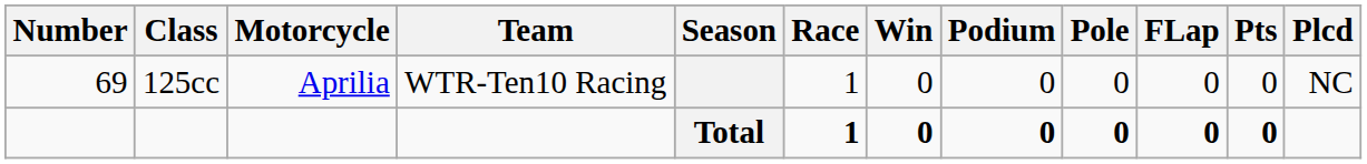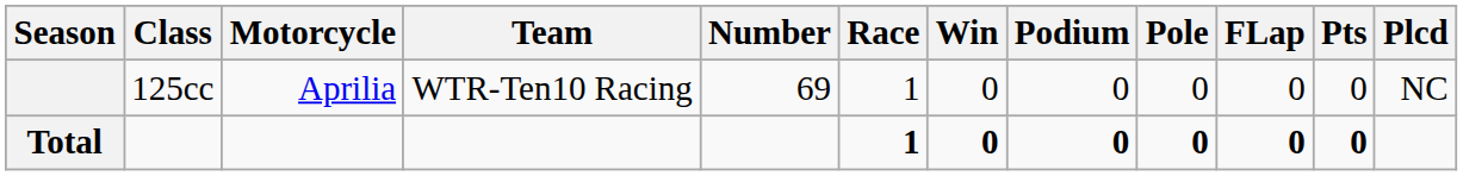 <table class="wikitable">
 <tr>
-<th>Number</th>
+<th>Season</th>
 <th>Class</th>
 <th>Motorcycle</th>
 <th>Team</th>
-<th>Season</th>
+<th>Number</th>
 <th>Race</th>
 <th>Win</th>
 <th>Podium</th>
 <th>Pole</th>
 <th>FLap</th>
 <th>Pts</th>
 <th>Plcd</th>
 </tr>
 <tr align="right">
-<td>69</td>
+<th></th>
 <td>125cc</td>
 <td><a href='#'>Aprilia</a></td>
 <td>WTR-Ten10 Racing</td>
-<th></th>
+<td>69</td>
 <td>1</td>
 <td>0</td>
 <td>0</td>
 <td>0</td>
 <td>0</td>
 <td>0</td>
 <td>NC</td>
 </tr>
 <tr align="right">
+<th>Total</th>
 <td></td>
 <td></td>
 <td></td>
 <td></td>
-<th>Total</th>
 <td><strong>1</strong></td>
 <td><strong>0</strong></td>
 <td><strong>0</strong></td>
 <td><strong>0</strong></td>
 <td><strong>0</strong></td>
 <td><strong>0</strong></td>
 <td></td>
 </tr>
 </table>
